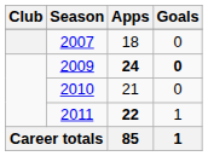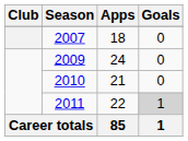 <table class="wikitable" style="text-align: center;">
 <tr>
 <th>Club</th>
 <th>Season</th>
 <th>Apps</th>
 <th>Goals</th>
 </tr>
 <tr>
 </tr>
 <tr>
 <th !><a href='#'></a></th>
 <td><a href='#'>2007</a></td>
 <td>18</td>
 <td>0</td>
 </tr>
 <tr>
 <td rowspan="3" !!><a href='#'></a></td>
 <td><a href='#'>2009</a></td>
-<td><strong>24</strong></td>
-<td><strong>0</strong></td>
+<td>24</td>
+<td>0</td>
 </tr>
 <tr>
 <td><a href='#'>2010</a></td>
 <td>21</td>
 <td>0</td>
 </tr>
 <tr>
 <td><a href='#'>2011</a></td>
-<td><strong>22</strong></td>
-<td>1</td>
+<td>22</td>
+<td style="background: lightgrey;">1</td>
 </tr>
 <tr>
 <th colspan="2">Career totals</th>
 <th>85</th>
 <th>1</th>
 </tr>
 </table>
